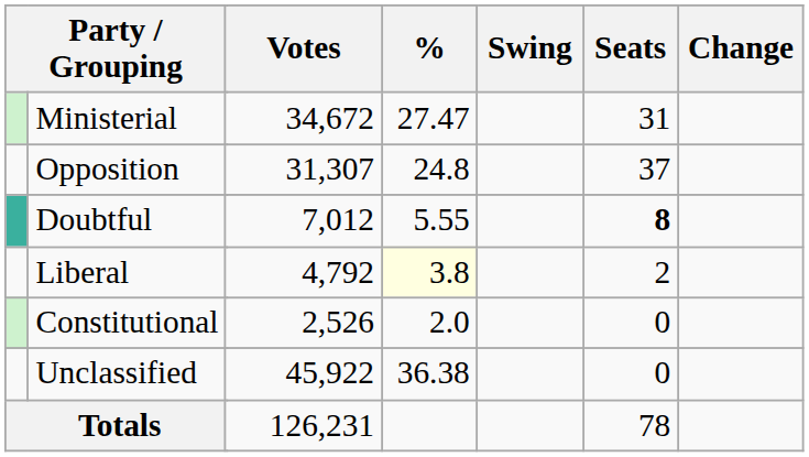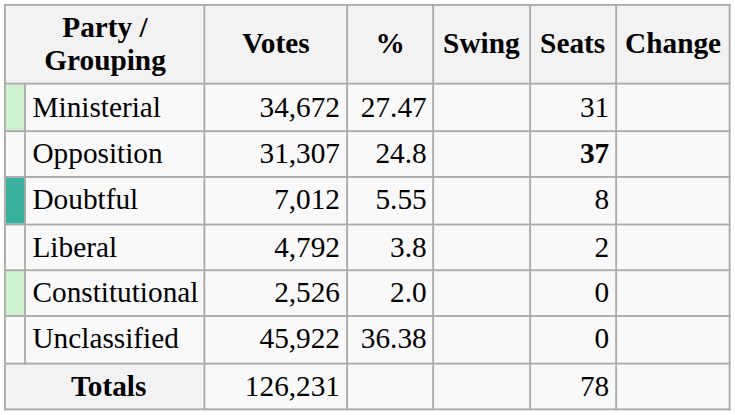 <table class="wikitable" style="text-align:right; margin-bottom:0">
 <tr>
 <th style="width:10px;" colspan=3>Party / Grouping</th>
 <th style="width:70px;">Votes</th>
 <th style="width:40px;">%</th>
 <th style="width:40px;">Swing</th>
 <th style="width:40px;">Seats</th>
 <th style="width:40px;">Change</th>
 </tr>
 <tr>
 <td style="text-align:left;background:#CEF2CE"> </td>
 <td style="text-align:left;" colspan="2">Ministerial</td>
 <td style="width:70px;">34,672</td>
 <td style="width:40px;">27.47</td>
 <td style="width:45px;"></td>
 <td style="width:40px;">31</td>
 <td style="width:55px;"></td>
 </tr>
 <tr>
 <td> </td>
 <td style="text-align:left;" colspan="2">Opposition</td>
 <td style="width:70px;">31,307</td>
 <td style="width:40px;">24.8</td>
 <td style="width:45px;"></td>
-<td style="width:40px;">37</td>
+<td style="width:40px;"><strong>37</strong></td>
 <td style="width:55px;"></td>
 </tr>
 <tr>
 <td style="text-align:left;background:#3AB09E"> </td>
 <td style="text-align:left;" colspan="2">Doubtful</td>
 <td style="width:70px;">7,012</td>
 <td style="width:40px;">5.55</td>
 <td style="width:45px;"></td>
-<td style="width:40px;"><strong>8</strong></td>
+<td style="width:40px;">8</td>
 <td style="width:55px;"></td>
 </tr>
 <tr>
 <td> </td>
 <td style="text-align:left;" colspan="2">Liberal</td>
 <td style="width:70px;">4,792</td>
-<td style="background: lightyellow; width:40px;">3.8</td>
+<td style="width:40px;">3.8</td>
 <td style="width:45px;"></td>
 <td style="width:40px;">2</td>
 <td style="width:55px;"></td>
 </tr>
 <tr>
 <td style="text-align:left;background:#CEF2CE"> </td>
 <td style="text-align:left;" colspan="2">Constitutional</td>
 <td style="width:70px;">2,526</td>
 <td style="width:40px;">2.0</td>
 <td style="width:45px;"></td>
 <td style="width:40px;">0</td>
 <td style="width:55px;"></td>
 </tr>
 <tr>
 <td> </td>
 <td style="text-align:left;" colspan="2">Unclassified</td>
 <td style="width:70px;">45,922</td>
 <td style="width:40px;">36.38</td>
 <td style="width:45px;"></td>
 <td style="width:40px;">0</td>
 <td style="width:55px;"></td>
 </tr>
 <tr>
 <th colspan="3"> Totals</th>
 <td>126,231</td>
 <td></td>
 <td></td>
 <td>78</td>
 <td></td>
 </tr>
 </table>
